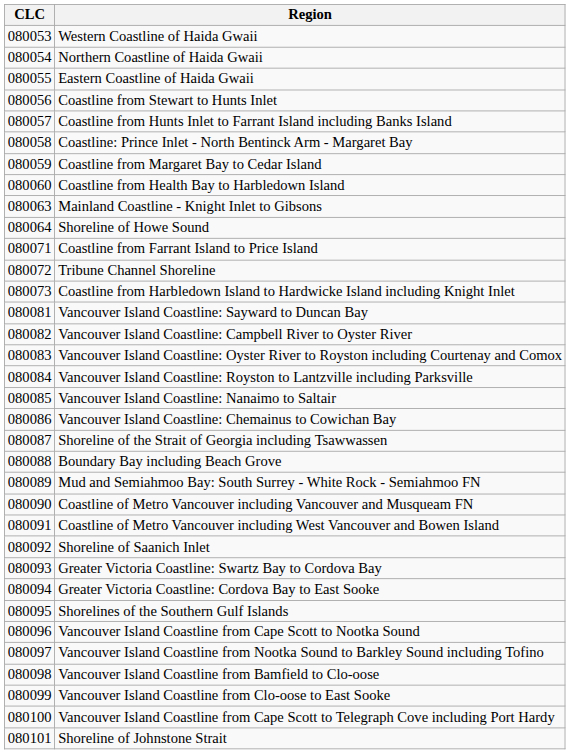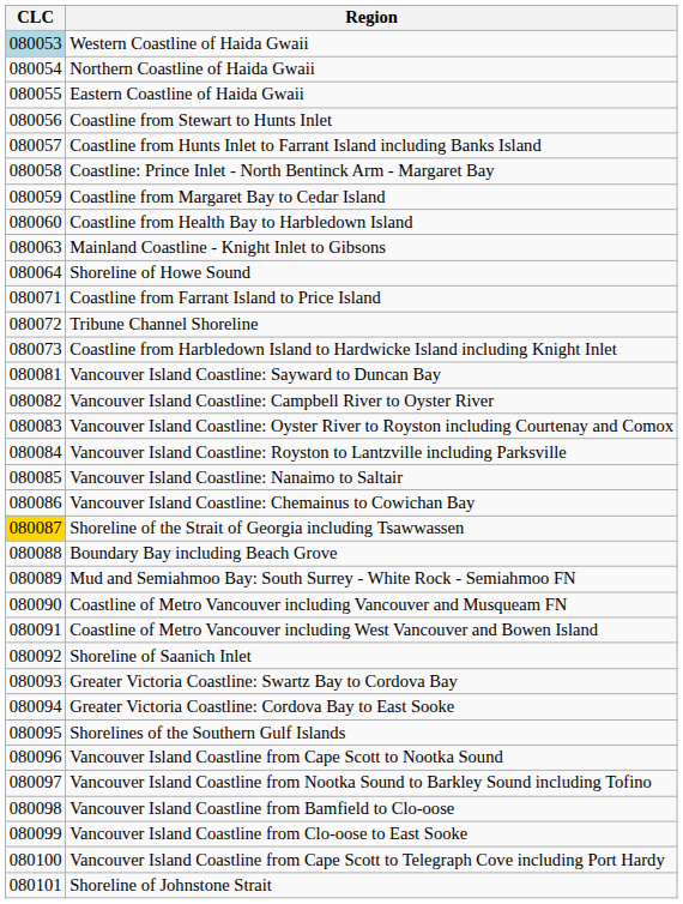 <table class="wikitable" style="line-height: 100%;">
 <tr>
 <th>CLC</th>
 <th>Region</th>
 </tr>
 <tr>
-<td>080053</td>
+<td style="background: lightblue;">080053</td>
 <td>Western Coastline of Haida Gwaii</td>
 </tr>
 <tr>
 <td>080054</td>
 <td>Northern Coastline of Haida Gwaii</td>
 </tr>
 <tr>
 <td>080055</td>
 <td>Eastern Coastline of Haida Gwaii</td>
 </tr>
 <tr>
 <td>080056</td>
 <td>Coastline from Stewart to Hunts Inlet</td>
 </tr>
 <tr>
 <td>080057</td>
 <td>Coastline from Hunts Inlet to Farrant Island including Banks Island</td>
 </tr>
 <tr>
 <td>080058</td>
 <td>Coastline: Prince Inlet - North Bentinck Arm - Margaret Bay</td>
 </tr>
 <tr>
 <td>080059</td>
 <td>Coastline from Margaret Bay to Cedar Island</td>
 </tr>
 <tr>
 <td>080060</td>
 <td>Coastline from Health Bay to Harbledown Island</td>
 </tr>
 <tr>
 <td>080063</td>
 <td>Mainland Coastline - Knight Inlet to Gibsons</td>
 </tr>
 <tr>
 <td>080064</td>
 <td>Shoreline of Howe Sound</td>
 </tr>
 <tr>
 <td>080071</td>
 <td>Coastline from Farrant Island to Price Island</td>
 </tr>
 <tr>
 <td>080072</td>
 <td>Tribune Channel Shoreline</td>
 </tr>
 <tr>
 <td>080073</td>
 <td>Coastline from Harbledown Island to Hardwicke Island including Knight Inlet</td>
 </tr>
 <tr>
 <td>080081</td>
 <td>Vancouver Island Coastline: Sayward to Duncan Bay</td>
 </tr>
 <tr>
 <td>080082</td>
 <td>Vancouver Island Coastline: Campbell River to Oyster River</td>
 </tr>
 <tr>
 <td>080083</td>
 <td>Vancouver Island Coastline: Oyster River to Royston including Courtenay and Comox</td>
 </tr>
 <tr>
 <td>080084</td>
 <td>Vancouver Island Coastline: Royston to Lantzville including Parksville</td>
 </tr>
 <tr>
 <td>080085</td>
 <td>Vancouver Island Coastline: Nanaimo to Saltair</td>
 </tr>
 <tr>
 <td>080086</td>
 <td>Vancouver Island Coastline: Chemainus to Cowichan Bay</td>
 </tr>
 <tr>
-<td>080087</td>
+<td style="background: gold;">080087</td>
 <td>Shoreline of the Strait of Georgia including Tsawwassen</td>
 </tr>
 <tr>
 <td>080088</td>
 <td>Boundary Bay including Beach Grove</td>
 </tr>
 <tr>
 <td>080089</td>
 <td>Mud and Semiahmoo Bay: South Surrey - White Rock - Semiahmoo FN</td>
 </tr>
 <tr>
 <td>080090</td>
 <td>Coastline of Metro Vancouver including Vancouver and Musqueam FN</td>
 </tr>
 <tr>
 <td>080091</td>
 <td>Coastline of Metro Vancouver including West Vancouver and Bowen Island</td>
 </tr>
 <tr>
 <td>080092</td>
 <td>Shoreline of Saanich Inlet</td>
 </tr>
 <tr>
 <td>080093</td>
 <td>Greater Victoria Coastline: Swartz Bay to Cordova Bay</td>
 </tr>
 <tr>
 <td>080094</td>
 <td>Greater Victoria Coastline: Cordova Bay to East Sooke</td>
 </tr>
 <tr>
 <td>080095</td>
 <td>Shorelines of the Southern Gulf Islands</td>
 </tr>
 <tr>
 <td>080096</td>
 <td>Vancouver Island Coastline from Cape Scott to Nootka Sound</td>
 </tr>
 <tr>
 <td>080097</td>
 <td>Vancouver Island Coastline from Nootka Sound to Barkley Sound including Tofino</td>
 </tr>
 <tr>
 <td>080098</td>
 <td>Vancouver Island Coastline from Bamfield to Clo-oose</td>
 </tr>
 <tr>
 <td>080099</td>
 <td>Vancouver Island Coastline from Clo-oose to East Sooke</td>
 </tr>
 <tr>
 <td>080100</td>
 <td>Vancouver Island Coastline from Cape Scott to Telegraph Cove including Port Hardy</td>
 </tr>
 <tr>
 <td>080101</td>
 <td>Shoreline of Johnstone Strait</td>
 </tr>
 </table>
